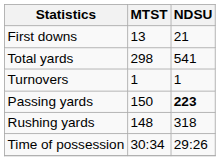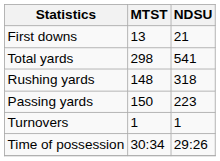 <table class="wikitable">
 <tr>
 <th>Statistics</th>
 <th>MTST</th>
 <th>NDSU</th>
 </tr>
 <tr>
 <td>First downs</td>
 <td>13</td>
 <td>21</td>
 </tr>
 <tr>
 <td>Total yards</td>
 <td>298</td>
 <td>541</td>
 </tr>
 <tr>
-<td>Turnovers</td>
-<td>1</td>
-<td>1</td>
+<td>Rushing yards</td>
+<td>148</td>
+<td>318</td>
 </tr>
 <tr>
 <td>Passing yards</td>
 <td>150</td>
-<td><strong>223</strong></td>
+<td>223</td>
 </tr>
 <tr>
-<td>Rushing yards</td>
-<td>148</td>
-<td>318</td>
+<td>Turnovers</td>
+<td>1</td>
+<td>1</td>
 </tr>
 <tr>
 <td>Time of possession</td>
 <td>30:34</td>
 <td>29:26</td>
 </tr>
 <tr>
 </tr>
 </table>
